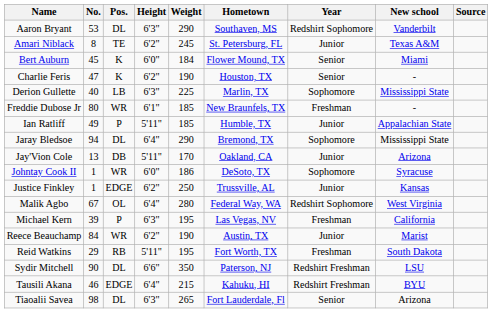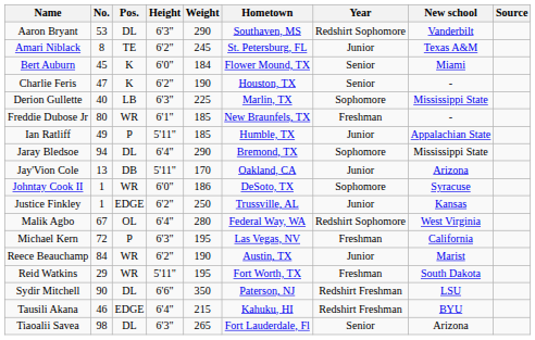 <table class="wikitable sortable">
 <tr>
 <th style="text-align:center; ">Name</th>
 <th style="text-align:center; ">No.</th>
 <th style="text-align:center; ">Pos.</th>
 <th style="text-align:center; ">Height</th>
 <th style="text-align:center; ">Weight</th>
 <th style="text-align:center; ">Hometown</th>
 <th style="text-align:center; ">Year</th>
 <th style="text-align:center; ">New school</th>
 <th style="text-align:center; ">Source</th>
 </tr>
 <tr align="center">
 <td>Aaron Bryant</td>
 <td>53</td>
 <td>DL</td>
 <td>6'3"</td>
 <td>290</td>
 <td><a href='#'>Southaven, MS</a></td>
 <td>Redshirt Sophomore</td>
 <td><a href='#'>Vanderbilt</a></td>
 <td></td>
 </tr>
 <tr align="center">
 <td><a href='#'>Amari Niblack</a></td>
 <td>8</td>
 <td>TE</td>
 <td>6'2"</td>
 <td>245</td>
 <td><a href='#'>St. Petersburg, FL</a></td>
 <td>Junior</td>
 <td><a href='#'>Texas A&M</a></td>
 <td></td>
 </tr>
 <tr align="center">
 <td><a href='#'>Bert Auburn</a></td>
 <td>45</td>
 <td>K</td>
 <td>6'0"</td>
 <td>184</td>
 <td><a href='#'>Flower Mound, TX</a></td>
 <td>Senior</td>
 <td><a href='#'>Miami</a></td>
 <td></td>
 </tr>
 <tr align="center">
 <td>Charlie Feris</td>
 <td>47</td>
 <td>K</td>
 <td>6'2"</td>
 <td>190</td>
 <td><a href='#'>Houston, TX</a></td>
 <td>Senior</td>
 <td>-</td>
 <td></td>
 </tr>
 <tr align="center">
 <td>Derion Gullette</td>
 <td>40</td>
 <td>LB</td>
 <td>6'3"</td>
 <td>225</td>
 <td><a href='#'>Marlin, TX</a></td>
 <td>Sophomore</td>
 <td><a href='#'>Mississippi State</a></td>
 <td></td>
 </tr>
 <tr align="center">
 <td>Freddie Dubose Jr</td>
 <td>80</td>
 <td>WR</td>
 <td>6'1"</td>
 <td>185</td>
 <td><a href='#'>New Braunfels, TX</a></td>
 <td>Freshman</td>
 <td>-</td>
 <td></td>
 </tr>
 <tr align="center">
 <td>Ian Ratliff</td>
 <td>49</td>
 <td>P</td>
 <td>5'11"</td>
 <td>185</td>
 <td><a href='#'>Humble, TX</a></td>
 <td>Junior</td>
 <td><a href='#'>Appalachian State</a></td>
 <td></td>
 </tr>
 <tr align="center">
 <td>Jaray Bledsoe</td>
 <td>94</td>
 <td>DL</td>
 <td>6'4"</td>
 <td>290</td>
 <td><a href='#'>Bremond, TX</a></td>
 <td>Sophomore</td>
 <td>Mississippi State</td>
 <td></td>
 </tr>
 <tr align="center">
 <td>Jay'Vion Cole</td>
 <td>13</td>
 <td>DB</td>
 <td>5'11"</td>
 <td>170</td>
 <td><a href='#'>Oakland, CA</a></td>
 <td>Junior</td>
 <td><a href='#'>Arizona</a></td>
 <td></td>
 </tr>
 <tr align="center">
 <td><a href='#'>Johntay Cook II</a></td>
 <td>1</td>
 <td>WR</td>
 <td>6'0"</td>
 <td>186</td>
 <td><a href='#'>DeSoto, TX</a></td>
 <td>Sophomore</td>
 <td><a href='#'>Syracuse</a></td>
 <td></td>
 </tr>
 <tr align="center">
 <td>Justice Finkley</td>
 <td>1</td>
 <td>EDGE</td>
 <td>6'2"</td>
 <td>250</td>
 <td><a href='#'>Trussville, AL</a></td>
 <td>Junior</td>
 <td><a href='#'>Kansas</a></td>
 <td></td>
 </tr>
 <tr align="center">
 <td>Malik Agbo</td>
 <td>67</td>
 <td>OL</td>
 <td>6'4"</td>
 <td>280</td>
 <td><a href='#'>Federal Way, WA</a></td>
 <td>Redshirt Sophomore</td>
 <td><a href='#'>West Virginia</a></td>
 <td></td>
 </tr>
 <tr align="center">
 <td>Michael Kern</td>
-<td>39</td>
+<td>72</td>
 <td>P</td>
 <td>6'3"</td>
 <td>195</td>
 <td><a href='#'>Las Vegas, NV</a></td>
 <td>Freshman</td>
 <td><a href='#'>California</a></td>
 <td></td>
 </tr>
 <tr align="center">
 <td>Reece Beauchamp</td>
 <td>84</td>
 <td>WR</td>
 <td>6'2"</td>
 <td>190</td>
 <td><a href='#'>Austin, TX</a></td>
 <td>Junior</td>
 <td><a href='#'>Marist</a></td>
 <td></td>
 </tr>
 <tr align="center">
 <td>Reid Watkins</td>
 <td>29</td>
-<td>RB</td>
+<td>WR</td>
 <td>5'11"</td>
 <td>195</td>
 <td><a href='#'>Fort Worth, TX</a></td>
 <td>Freshman</td>
 <td><a href='#'>South Dakota</a></td>
 <td></td>
 </tr>
 <tr align="center">
 <td>Sydir Mitchell</td>
 <td>90</td>
 <td>DL</td>
 <td>6'6"</td>
 <td>350</td>
 <td><a href='#'>Paterson, NJ</a></td>
 <td>Redshirt Freshman</td>
 <td><a href='#'>LSU</a></td>
 <td></td>
 </tr>
 <tr align="center">
 <td>Tausili Akana</td>
 <td>46</td>
 <td>EDGE</td>
 <td>6'4"</td>
 <td>215</td>
 <td><a href='#'>Kahuku, HI</a></td>
 <td>Redshirt Freshman</td>
 <td><a href='#'>BYU</a></td>
 <td></td>
 </tr>
 <tr align="center">
 <td>Tiaoalii Savea</td>
 <td>98</td>
 <td>DL</td>
 <td>6'3"</td>
 <td>265</td>
 <td><a href='#'>Fort Lauderdale, Fl</a></td>
 <td>Senior</td>
 <td>Arizona</td>
 <td></td>
 </tr>
 </table>
